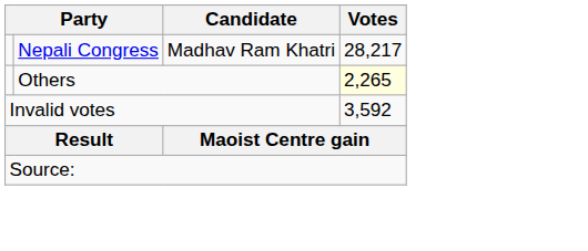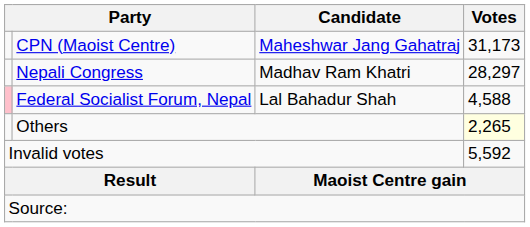 <table class="wikitable">
 <tr>
 <th colspan="2">Party</th>
 <th>Candidate</th>
 <th>Votes</th>
 </tr>
 <tr>
 <td style="background-color:"></td>
+<td><a href='#'>CPN (Maoist Centre)</a></td>
+<td><a href='#'>Maheshwar Jang Gahatraj</a></td>
+<td>31,173</td>
+</tr>
+<tr>
+<td style="background-color:"></td>
 <td><a href='#'>Nepali Congress</a></td>
 <td>Madhav Ram Khatri</td>
-<td>28,217</td>
+<td>28,297</td>
+</tr>
+<tr>
+<td style="background-color:pink"></td>
+<td><a href='#'>Federal Socialist Forum, Nepal</a></td>
+<td>Lal Bahadur Shah</td>
+<td>4,588</td>
 </tr>
 <tr>
 <td></td>
 <td colspan="2">Others</td>
 <td style="background: lightyellow;">2,265</td>
 </tr>
 <tr>
 <td colspan="3">Invalid votes</td>
-<td>3,592</td>
+<td>5,592</td>
 </tr>
 <tr>
 <th colspan="2">Result</th>
 <th colspan="2">Maoist Centre gain</th>
 </tr>
 <tr>
 <td colspan="4">Source: </td>
 </tr>
 </table>
